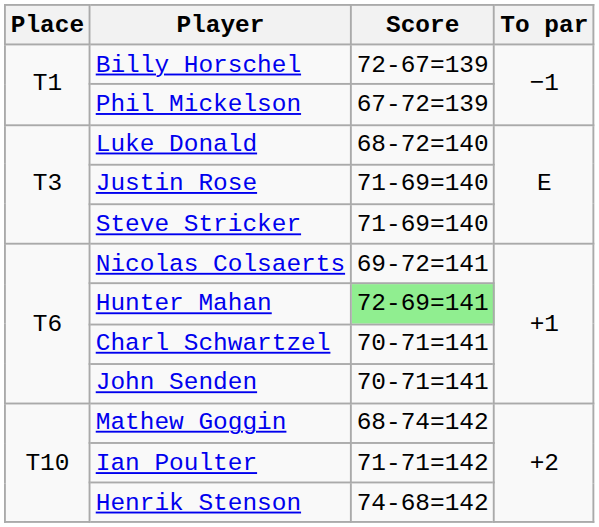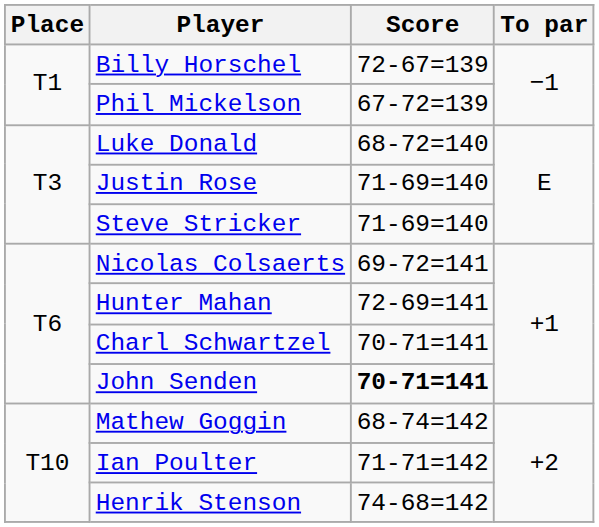 <table class="wikitable">
 <tr>
 <th>Place</th>
 <th>Player</th>
 <th>Score</th>
 <th>To par</th>
 </tr>
 <tr>
 <td align=center rowspan=2>T1</td>
 <td> <a href='#'>Billy Horschel</a></td>
 <td align=center>72-67=139</td>
 <td align=center rowspan=2>−1</td>
 </tr>
 <tr>
 <td> <a href='#'>Phil Mickelson</a></td>
 <td align=center>67-72=139</td>
 </tr>
 <tr>
 <td align=center rowspan=3>T3</td>
 <td> <a href='#'>Luke Donald</a></td>
 <td align=center>68-72=140</td>
 <td align=center rowspan=3>E</td>
 </tr>
 <tr>
 <td> <a href='#'>Justin Rose</a></td>
 <td>71-69=140</td>
 </tr>
 <tr>
 <td> <a href='#'>Steve Stricker</a></td>
 <td>71-69=140</td>
 </tr>
 <tr>
 <td align=center rowspan=4>T6</td>
 <td> <a href='#'>Nicolas Colsaerts</a></td>
 <td>69-72=141</td>
 <td align=center rowspan=4>+1</td>
 </tr>
 <tr>
 <td> <a href='#'>Hunter Mahan</a></td>
-<td style="background: lightgreen;">72-69=141</td>
+<td>72-69=141</td>
 </tr>
 <tr>
 <td> <a href='#'>Charl Schwartzel</a></td>
 <td>70-71=141</td>
 </tr>
 <tr>
 <td> <a href='#'>John Senden</a></td>
-<td>70-71=141</td>
+<td><strong>70-71=141</strong></td>
 </tr>
 <tr>
 <td align=center rowspan=3>T10</td>
 <td> <a href='#'>Mathew Goggin</a></td>
 <td>68-74=142</td>
 <td align=center rowspan=3>+2</td>
 </tr>
 <tr>
 <td> <a href='#'>Ian Poulter</a></td>
 <td>71-71=142</td>
 </tr>
 <tr>
 <td> <a href='#'>Henrik Stenson</a></td>
 <td>74-68=142</td>
 </tr>
 </table>
